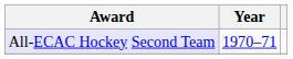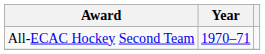 <table class="wikitable">
 <tr>
 <th>Award</th>
 <th>Year</th>
 <th></th>
 </tr>
 <tr>
-<td style="background: lavender;">All-<a href='#'>ECAC Hockey</a> <a href='#'>Second Team</a></td>
+<td>All-<a href='#'>ECAC Hockey</a> <a href='#'>Second Team</a></td>
 <td><a href='#'>1970–71</a></td>
 <td></td>
 </tr>
 <tr>
 </tr>
 </table>
